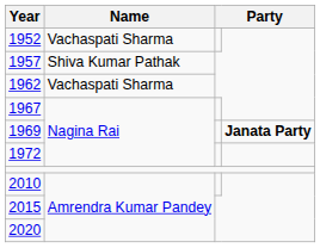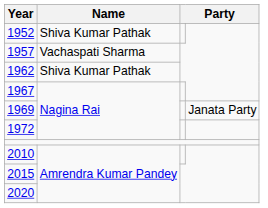 <table class="wikitable sortable">
 <tr>
 <th>Year</th>
 <th>Name</th>
 <th colspan="2">Party</th>
 </tr>
 <tr>
 <td><a href='#'>1952</a></td>
-<td>Vachaspati Sharma</td>
+<td>Shiva Kumar Pathak</td>
 <td></td>
 </tr>
 <tr>
 <td><a href='#'>1957</a></td>
-<td>Shiva Kumar Pathak</td>
+<td>Vachaspati Sharma</td>
 </tr>
 <tr>
 <td><a href='#'>1962</a></td>
-<td>Vachaspati Sharma</td>
+<td>Shiva Kumar Pathak</td>
 </tr>
 <tr>
 <td><a href='#'>1967</a></td>
 <td rowspan="3"><a href='#'>Nagina Rai</a></td>
 <td></td>
 </tr>
 <tr>
 <td><a href='#'>1969</a></td>
 <td style="background-color: "></td>
-<td><strong>Janata Party</strong></td>
+<td>Janata Party</td>
 </tr>
 <tr>
 <td><a href='#'>1972</a></td>
 <td></td>
 </tr>
 <tr>
 <td colspan="4"></td>
 </tr>
 <tr>
 <td><a href='#'>2010</a></td>
 <td rowspan="3"><a href='#'>Amrendra Kumar Pandey</a></td>
 <td></td>
 </tr>
 <tr>
 <td><a href='#'>2015</a></td>
 </tr>
 <tr>
 <td><a href='#'>2020</a></td>
 </tr>
 </table>
